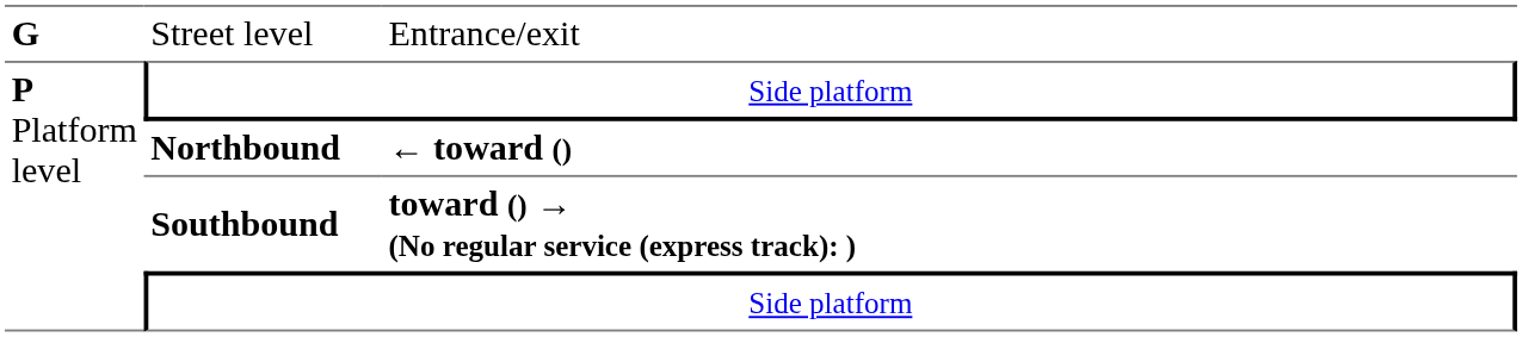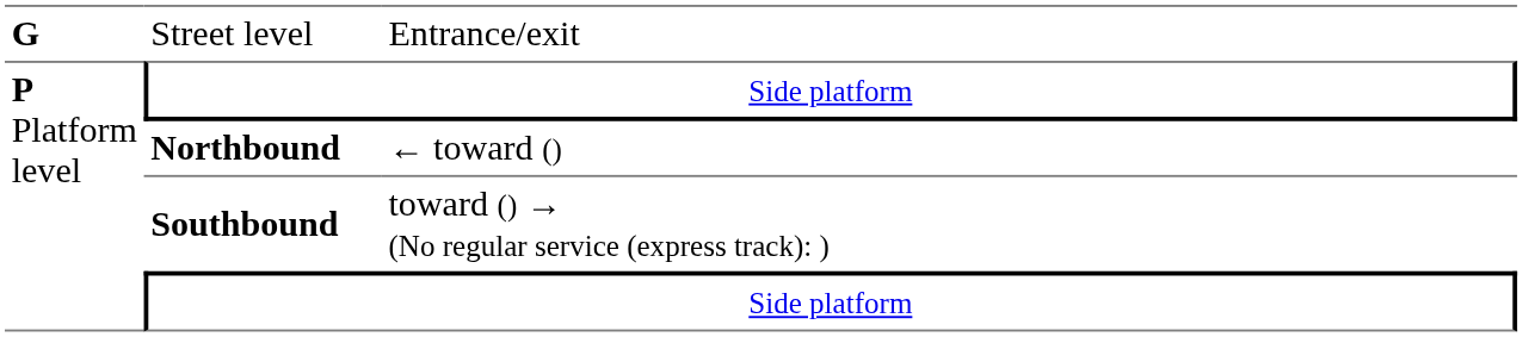 <table cellspacing=0 cellpadding=3>
 <tr>
 <td style="border-top:solid 1px gray;" width=50><strong>G</strong></td>
 <td style="border-top:solid 1px gray;" width=100>Street level</td>
 <td style="border-top:solid 1px gray;" width=500>Entrance/exit</td>
 </tr>
 <tr>
 <td style="border-top:solid 1px gray;border-bottom:solid 1px gray;" rowspan=5 valign=top><strong>P</strong><br>Platform level</td>
 <td style="border-top:solid 1px gray;border-right:solid 2px black;border-left:solid 2px black;border-bottom:solid 2px black;text-align:center;" colspan=2><small><a href='#'>Side platform</a></small></td>
 </tr>
 <tr>
 <td><span><strong>Northbound</strong></span></td>
-<td><strong>←  toward  <small>()</small></strong></td>
+<td>←  toward  <small>()</small></td>
 </tr>
 <tr>
 <td style="border-top:solid 1px gray;"><span><strong>Southbound</strong></span></td>
-<td style="border-top:solid 1px gray;"><strong>  toward  <small>()</small> →<br> <small>(No regular service (express track): )</small></strong></td>
+<td style="border-top:solid 1px gray;">  toward  <small>()</small> →<br> <small>(No regular service (express track): )</small></td>
 </tr>
 <tr>
 <td style="border-top:solid 2px black;border-right:solid 2px black;border-left:solid 2px black;border-bottom:solid 1px gray;text-align:center;" colspan=2><small><a href='#'>Side platform</a></small></td>
 </tr>
 </table>
